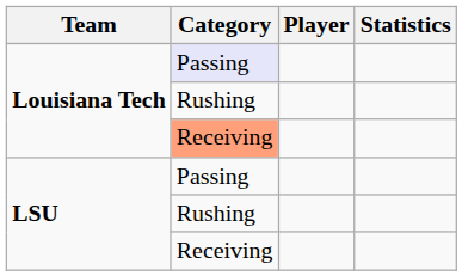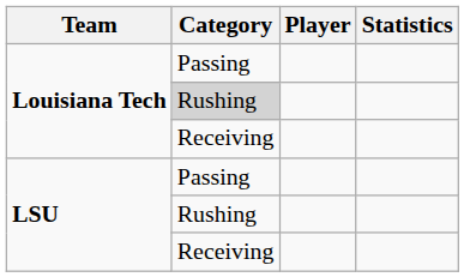 <table class="wikitable" style="float: right;">
 <tr>
 <th>Team</th>
 <th>Category</th>
 <th>Player</th>
 <th>Statistics</th>
 </tr>
 <tr>
 <td rowspan=3><strong>Louisiana Tech</strong></td>
-<td style="background: lavender;">Passing</td>
+<td>Passing</td>
 <td></td>
 <td></td>
 </tr>
 <tr>
-<td>Rushing</td>
+<td style="background: lightgrey;">Rushing</td>
 <td></td>
 <td></td>
 </tr>
 <tr>
-<td style="background: lightsalmon;">Receiving</td>
+<td>Receiving</td>
 <td></td>
 <td></td>
 </tr>
 <tr>
 <td rowspan=3><strong>LSU</strong></td>
 <td>Passing</td>
 <td></td>
 <td></td>
 </tr>
 <tr>
 <td>Rushing</td>
 <td></td>
 <td></td>
 </tr>
 <tr>
 <td>Receiving</td>
 <td></td>
 <td></td>
 </tr>
 </table>
